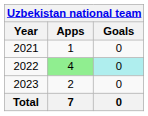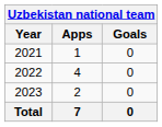 <table class="wikitable" style="text-align:center">
 <tr>
 <th colspan=3><a href='#'>Uzbekistan national team</a></th>
 </tr>
 <tr>
 <th>Year</th>
 <th>Apps</th>
 <th>Goals</th>
 </tr>
 <tr>
 <td>2021</td>
 <td>1</td>
 <td>0</td>
 </tr>
 <tr>
 <td>2022</td>
-<td style="background: lightgreen;">4</td>
-<td style="background: paleturquoise;">0</td>
+<td>4</td>
+<td>0</td>
 </tr>
 <tr>
 <td>2023</td>
 <td>2</td>
 <td>0</td>
 </tr>
 <tr>
 <th>Total</th>
 <th>7</th>
 <th>0</th>
 </tr>
 </table>
